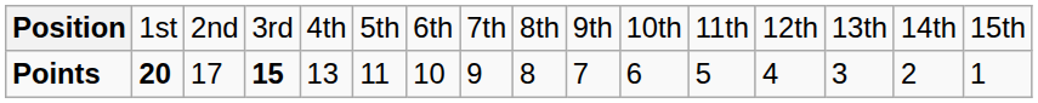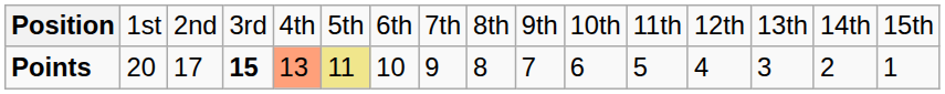 <table class="wikitable" style="font-size: 100%;">
 <tr>
 <th>Position</th>
 <td width="20">1st</td>
 <td width="20">2nd</td>
 <td width="20">3rd</td>
 <td width="20">4th</td>
 <td width="20">5th</td>
 <td width="20">6th</td>
 <td width="20">7th</td>
 <td width="20">8th</td>
 <td width="20">9th</td>
 <td width="20">10th</td>
 <td width="20">11th</td>
 <td width="20">12th</td>
 <td width="20">13th</td>
 <td width="20">14th</td>
 <td width="20">15th</td>
 </tr>
 <tr>
 <td><strong>Points</strong></td>
-<td><strong>20</strong></td>
+<td>20</td>
 <td>17</td>
 <td><strong>15</strong></td>
-<td>13</td>
-<td>11</td>
+<td style="background: lightsalmon;">13</td>
+<td style="background: khaki;">11</td>
 <td>10</td>
 <td>9</td>
 <td>8</td>
 <td>7</td>
 <td>6</td>
 <td>5</td>
 <td>4</td>
 <td>3</td>
 <td>2</td>
 <td>1</td>
 </tr>
 </table>
